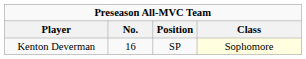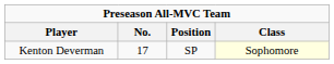 <table class="wikitable" style="text-align:center">
 <tr>
 <td colspan="4"><strong>Preseason All-MVC Team</strong></td>
 </tr>
 <tr>
 <th style="width:150px; ">Player</th>
 <th style="width:60px; ">No.</th>
 <th style="width:60px; ">Position</th>
 <th style="width:150px; ">Class</th>
 </tr>
 <tr>
 <td>Kenton Deverman</td>
-<td>16</td>
+<td>17</td>
 <td>SP</td>
 <td style="background: lightyellow;">Sophomore</td>
 </tr>
 </table>
